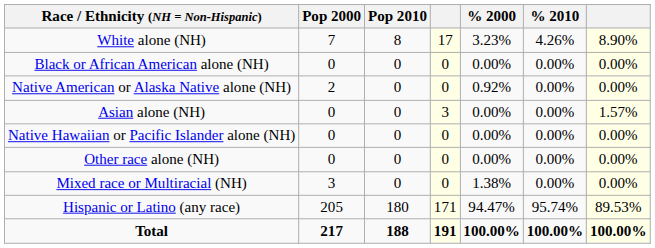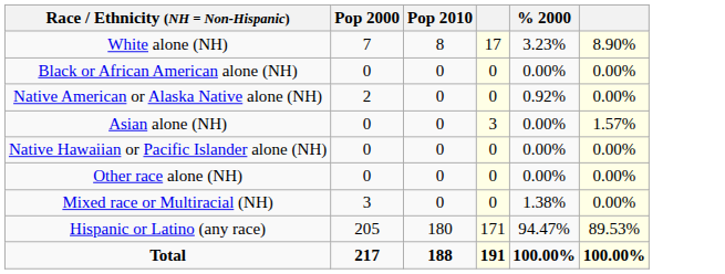 <table class="wikitable" style="text-align:center;">
 <tr>
 <th>Race / Ethnicity <small>(<em>NH = Non-Hispanic</em>)</small></th>
 <th>Pop 2000</th>
 <th>Pop 2010</th>
 <th></th>
 <th>% 2000</th>
-<th>% 2010</th>
 <th></th>
 </tr>
 <tr>
 <td><a href='#'>White</a> alone (NH)</td>
 <td>7</td>
 <td>8</td>
 <td style='background: #ffffe6;'>17</td>
 <td>3.23%</td>
-<td>4.26%</td>
 <td style='background: #ffffe6;'>8.90%</td>
 </tr>
 <tr>
 <td><a href='#'>Black or African American</a> alone (NH)</td>
 <td>0</td>
 <td>0</td>
 <td style='background: #ffffe6;'>0</td>
-<td>0.00%</td>
 <td>0.00%</td>
 <td style='background: #ffffe6;'>0.00%</td>
 </tr>
 <tr>
 <td><a href='#'>Native American</a> or <a href='#'>Alaska Native</a> alone (NH)</td>
 <td>2</td>
 <td>0</td>
 <td style='background: #ffffe6;'>0</td>
 <td>0.92%</td>
-<td>0.00%</td>
 <td style='background: #ffffe6;'>0.00%</td>
 </tr>
 <tr>
 <td><a href='#'>Asian</a> alone (NH)</td>
 <td>0</td>
 <td>0</td>
 <td style='background: #ffffe6;'>3</td>
-<td>0.00%</td>
 <td>0.00%</td>
 <td style='background: #ffffe6;'>1.57%</td>
 </tr>
 <tr>
 <td><a href='#'>Native Hawaiian</a> or <a href='#'>Pacific Islander</a> alone (NH)</td>
 <td>0</td>
 <td>0</td>
 <td style='background: #ffffe6;'>0</td>
 <td>0.00%</td>
-<td>0.00%</td>
 <td style='background: #ffffe6;'>0.00%</td>
 </tr>
 <tr>
 <td><a href='#'>Other race</a> alone (NH)</td>
 <td>0</td>
 <td>0</td>
 <td style='background: #ffffe6;'>0</td>
-<td>0.00%</td>
 <td>0.00%</td>
 <td style='background: #ffffe6;'>0.00%</td>
 </tr>
 <tr>
 <td><a href='#'>Mixed race or Multiracial</a> (NH)</td>
 <td>3</td>
 <td>0</td>
 <td style='background: #ffffe6;'>0</td>
 <td>1.38%</td>
-<td>0.00%</td>
 <td style='background: #ffffe6;'>0.00%</td>
 </tr>
 <tr>
 <td><a href='#'>Hispanic or Latino</a> (any race)</td>
 <td>205</td>
 <td>180</td>
 <td style='background: #ffffe6;'>171</td>
 <td>94.47%</td>
-<td>95.74%</td>
 <td style='background: #ffffe6;'>89.53%</td>
 </tr>
 <tr>
 <td><strong>Total</strong></td>
 <td><strong>217</strong></td>
 <td><strong>188</strong></td>
 <td style='background: #ffffe6;'><strong>191</strong></td>
 <td><strong>100.00%</strong></td>
-<td><strong>100.00%</strong></td>
 <td style='background: #ffffe6;'><strong>100.00%</strong></td>
 </tr>
 </table>
